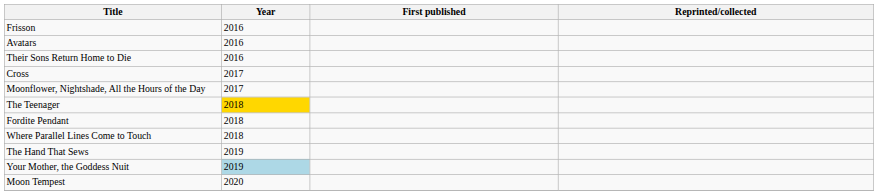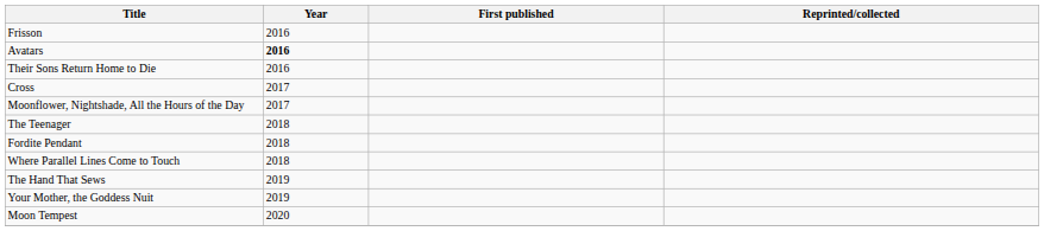 <table class='wikitable sortable' width='90%'>
 <tr>
 <th width=25%>Title</th>
 <th>Year</th>
 <th>First published</th>
 <th>Reprinted/collected</th>
 </tr>
 <tr>
 <td>Frisson</td>
 <td>2016</td>
 <td></td>
 <td></td>
 </tr>
 <tr>
 <td>Avatars</td>
-<td>2016</td>
+<td><strong>2016</strong></td>
 <td></td>
 </tr>
 <tr>
 <td>Their Sons Return Home to Die</td>
 <td>2016</td>
 <td></td>
 <td></td>
 </tr>
 <tr>
 <td>Cross</td>
 <td>2017</td>
 <td></td>
 <td></td>
 </tr>
 <tr>
 <td>Moonflower, Nightshade, All the Hours of the Day</td>
 <td>2017</td>
 <td></td>
 <td></td>
 </tr>
 <tr>
 <td>The Teenager</td>
-<td style="background: gold;">2018</td>
+<td>2018</td>
 <td></td>
 <td></td>
 </tr>
 <tr>
 <td>Fordite Pendant</td>
 <td>2018</td>
 <td></td>
 <td></td>
 </tr>
 <tr>
 <td>Where Parallel Lines Come to Touch</td>
 <td>2018</td>
 <td></td>
 <td></td>
 </tr>
 <tr>
 <td>The Hand That Sews</td>
 <td>2019</td>
 <td></td>
 <td></td>
 </tr>
 <tr>
 <td>Your Mother, the Goddess Nuit</td>
-<td style="background: lightblue;">2019</td>
+<td>2019</td>
 <td></td>
 </tr>
 <tr>
 <td>Moon Tempest</td>
 <td>2020</td>
 <td></td>
 <td></td>
 </tr>
 <tr>
 </tr>
 </table>
